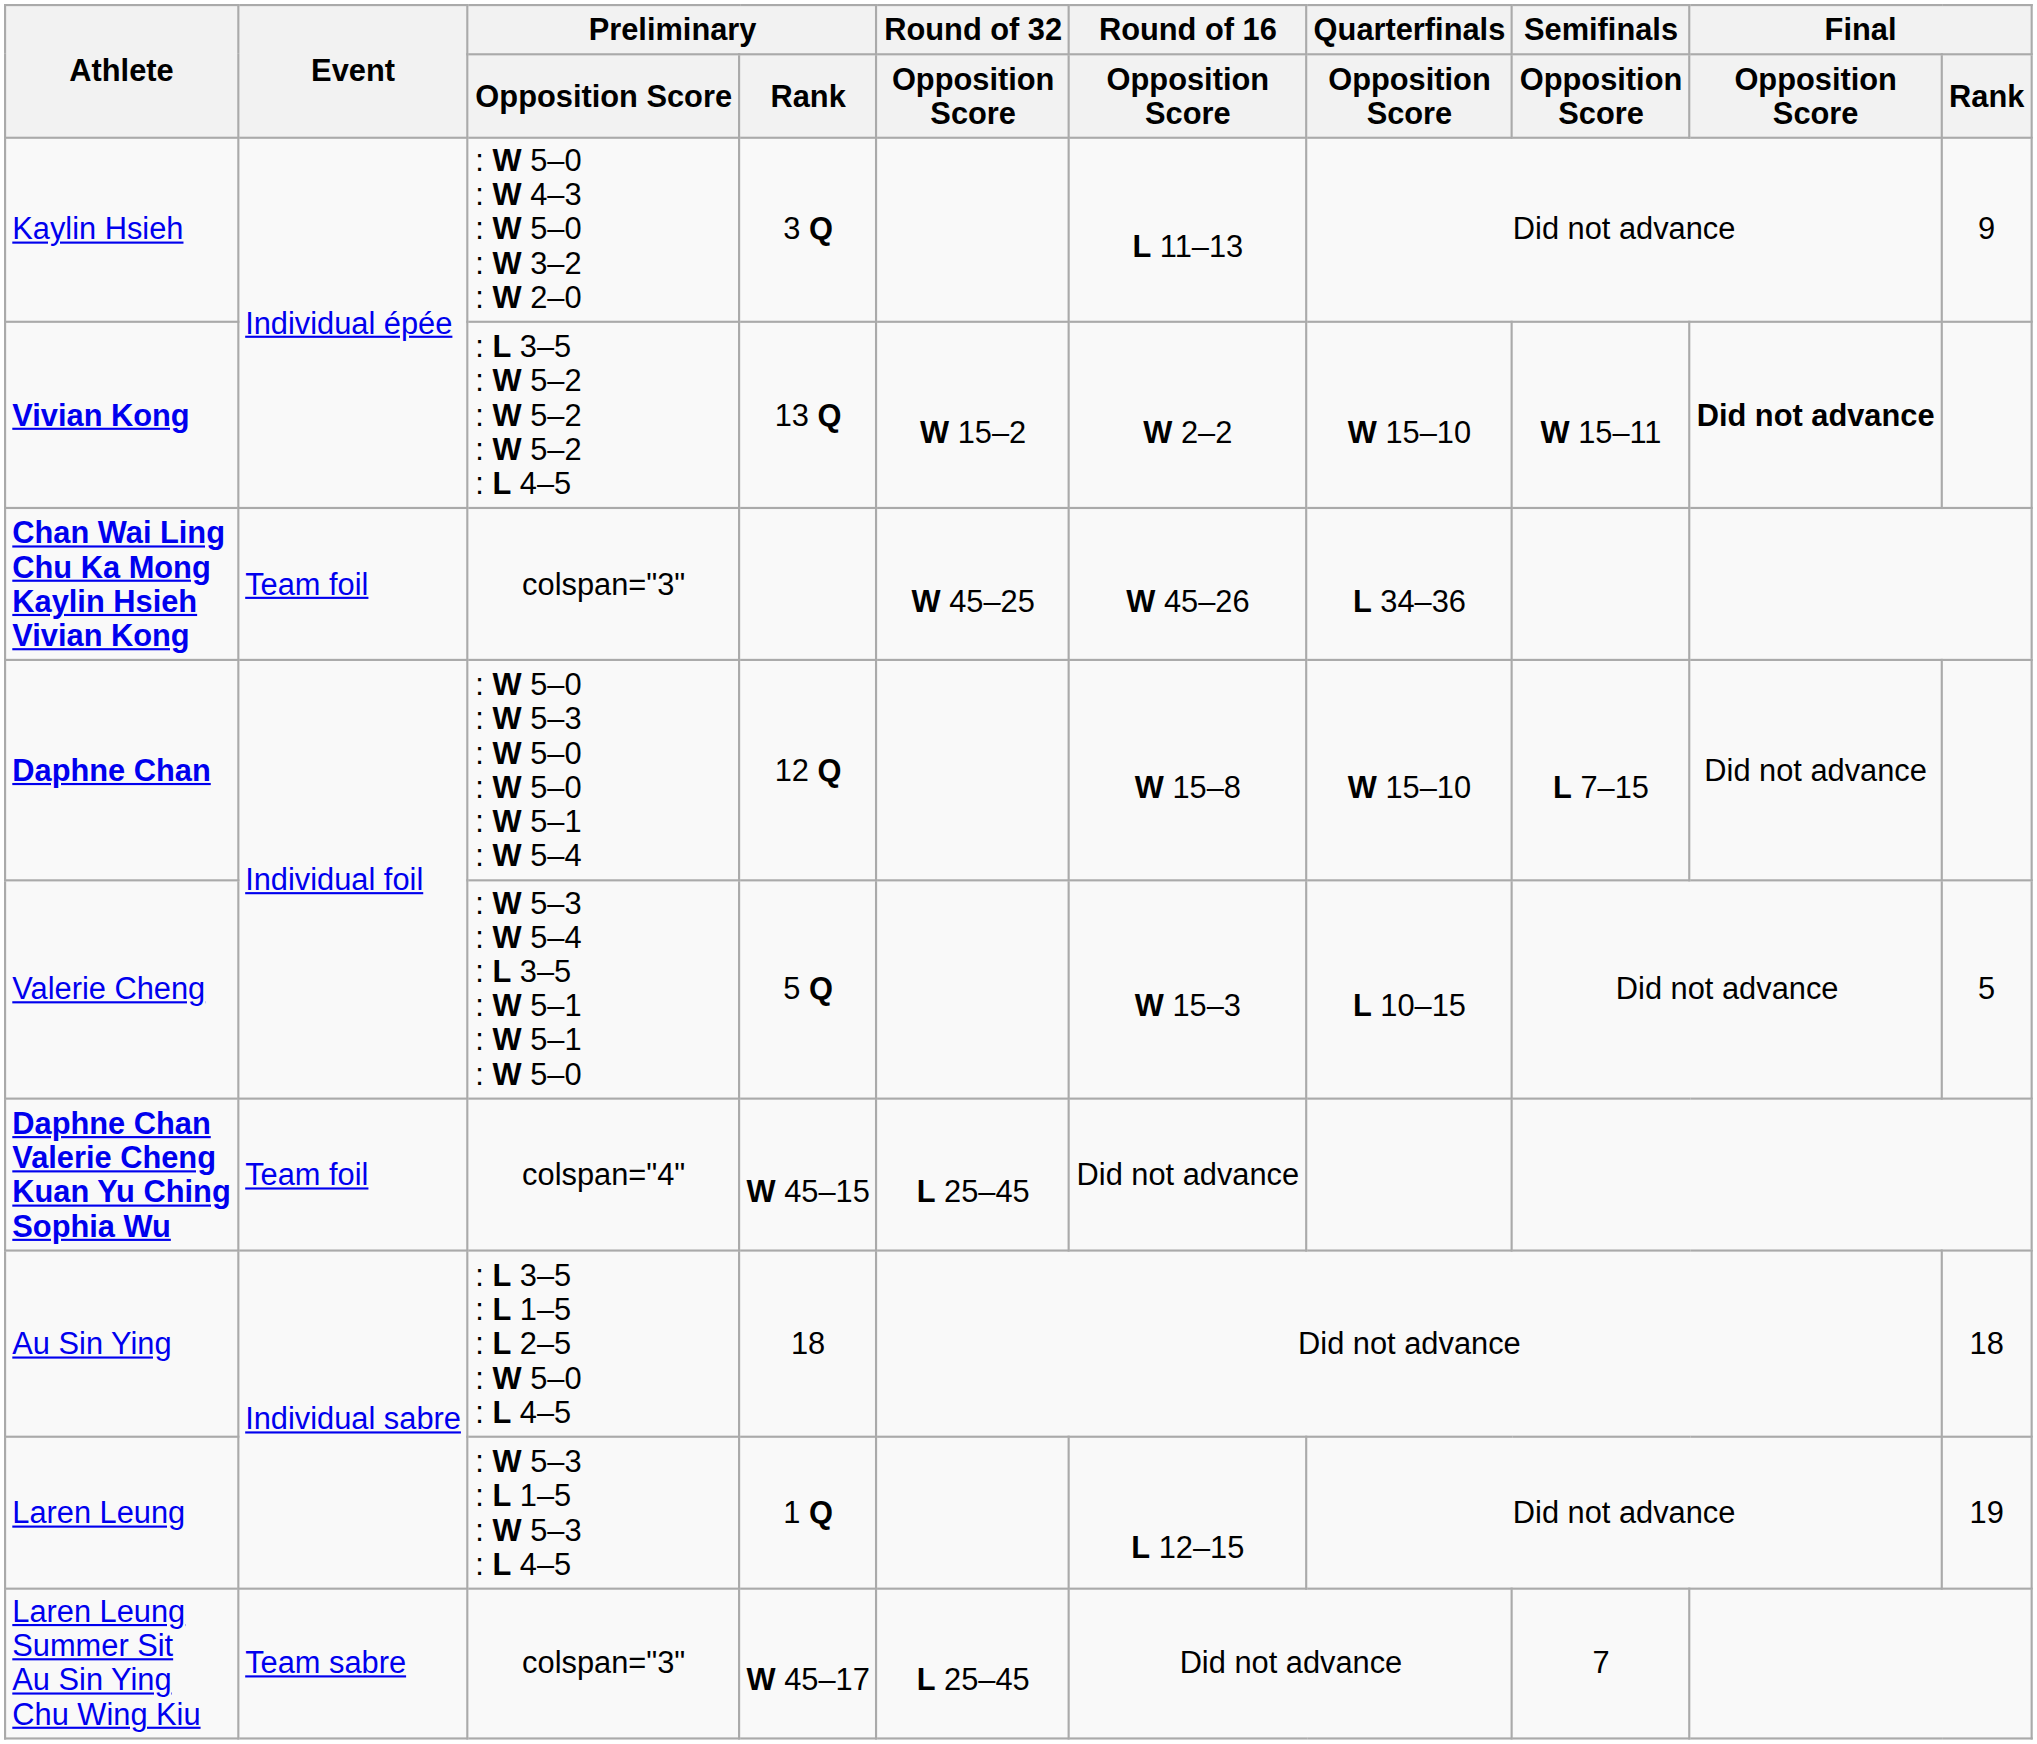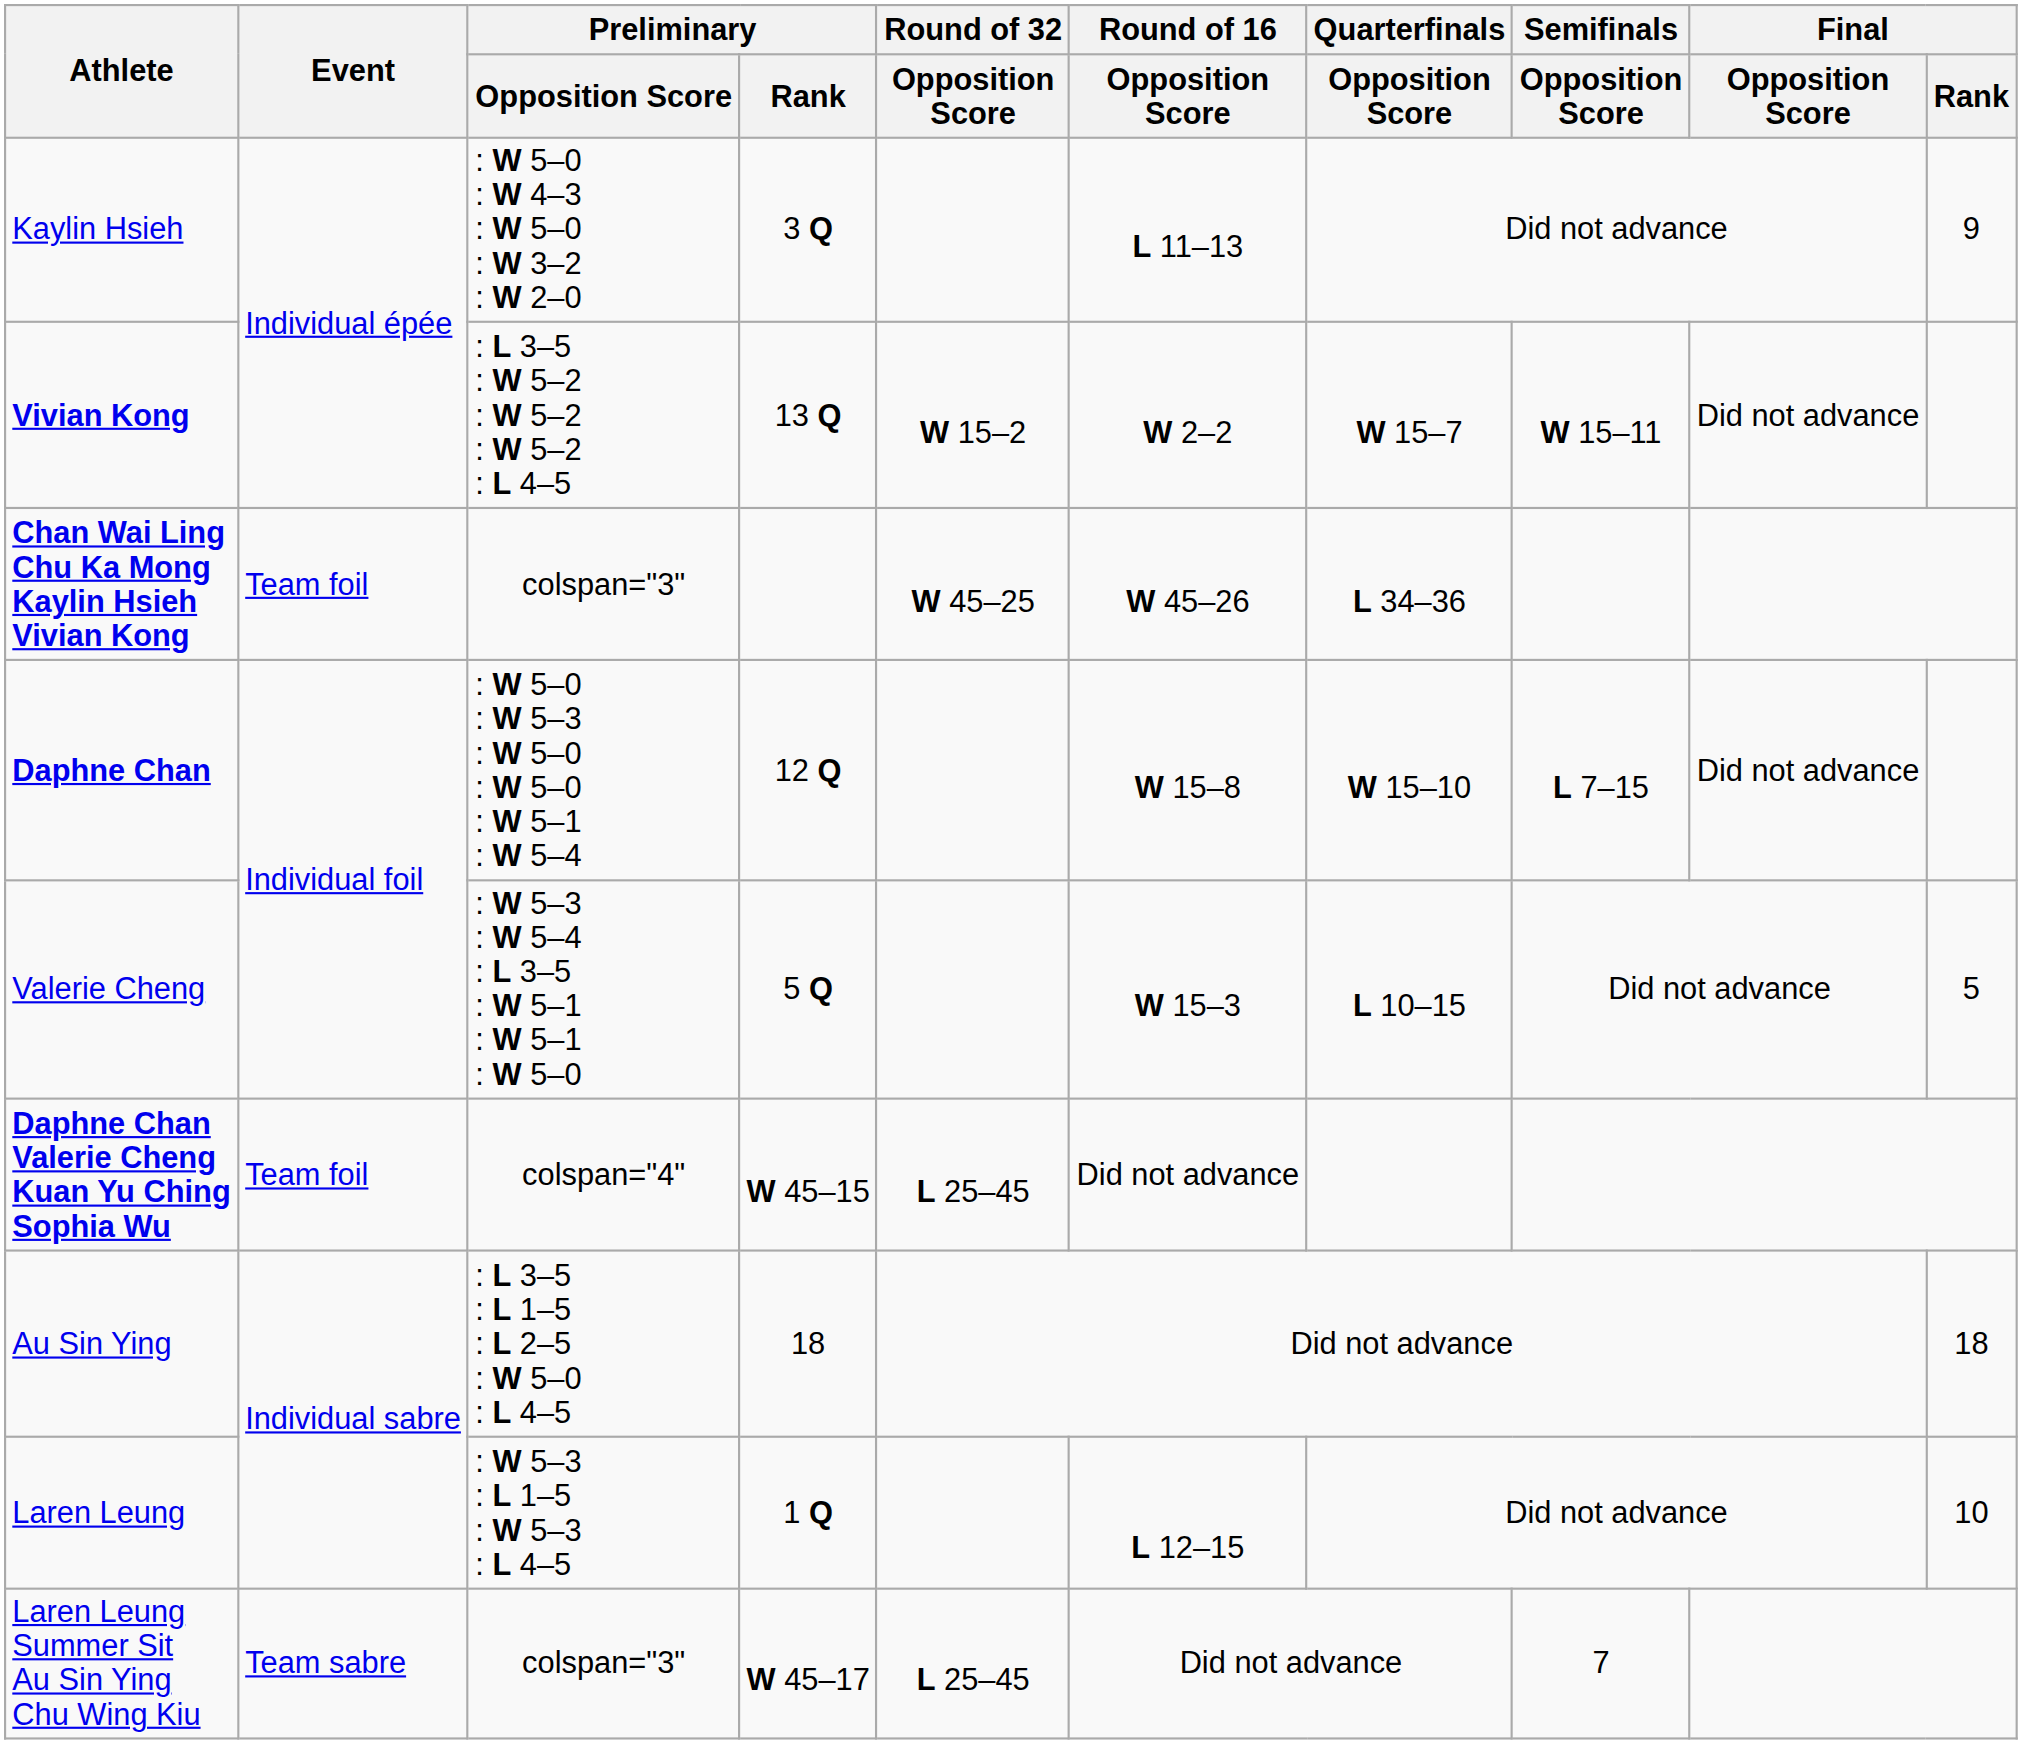 <table class=wikitable style=font-size:90%;text-align:center>
 <tr>
 <th rowspan="2">Athlete</th>
 <th rowspan="2">Event</th>
 <th colspan="2">Preliminary</th>
 <th>Round of 32</th>
 <th>Round of 16</th>
 <th>Quarterfinals</th>
 <th>Semifinals</th>
 <th colspan="2">Final</th>
 </tr>
 <tr>
 <th>Opposition Score</th>
 <th>Rank</th>
 <th>Opposition<br>Score</th>
 <th>Opposition<br>Score</th>
 <th>Opposition<br>Score</th>
 <th>Opposition<br>Score</th>
 <th>Opposition<br>Score</th>
 <th>Rank</th>
 </tr>
 <tr>
 <td align=left><a href='#'>Kaylin Hsieh</a></td>
 <td align=left rowspan="2"><a href='#'>Individual épée</a></td>
 <td align=left>: <strong>W</strong> 5–0<br>: <strong>W</strong> 4–3<br>: <strong>W</strong> 5–0<br>: <strong>W</strong> 3–2<br>: <strong>W</strong> 2–0</td>
 <td>3 <strong>Q</strong></td>
 <td></td>
 <td><br><strong>L</strong> 11–13</td>
 <td colspan="3">Did not advance</td>
 <td>9</td>
 </tr>
 <tr>
 <td align=left><strong><a href='#'>Vivian Kong</a></strong></td>
 <td align=left>: <strong>L</strong> 3–5<br>: <strong>W</strong> 5–2<br>: <strong>W</strong> 5–2<br>: <strong>W</strong> 5–2<br>: <strong>L</strong> 4–5</td>
 <td>13 <strong>Q</strong></td>
 <td><br><strong>W</strong> 15–2</td>
 <td><br><strong>W</strong> 2–2</td>
-<td><br><strong>W</strong> 15–10</td>
+<td><br><strong>W</strong> 15–7</td>
 <td><br><strong>W</strong> 15–11</td>
-<td><strong>Did not advance</strong></td>
+<td>Did not advance</td>
 <td></td>
 </tr>
 <tr>
 <td align=left><strong><a href='#'>Chan Wai Ling</a><br><a href='#'>Chu Ka Mong</a><br><a href='#'>Kaylin Hsieh</a><br><a href='#'>Vivian Kong</a></strong></td>
 <td align=left><a href='#'>Team foil</a></td>
 <td>colspan="3" </td>
 <td></td>
 <td><br><strong>W</strong> 45–25</td>
 <td><br><strong>W</strong> 45–26</td>
 <td><br><strong>L</strong> 34–36</td>
 <td></td>
 </tr>
 <tr>
 <td align=left><strong><a href='#'>Daphne Chan</a></strong></td>
 <td align=left rowspan="2"><a href='#'>Individual foil</a></td>
 <td align=left>: <strong>W</strong> 5–0<br>: <strong>W</strong> 5–3<br>: <strong>W</strong> 5–0<br>: <strong>W</strong> 5–0<br>: <strong>W</strong> 5–1<br>: <strong>W</strong> 5–4</td>
 <td>12 <strong>Q</strong></td>
 <td></td>
 <td><br><strong>W</strong> 15–8</td>
 <td><br><strong>W</strong> 15–10</td>
 <td><br><strong>L</strong> 7–15</td>
 <td>Did not advance</td>
 <td></td>
 </tr>
 <tr>
 <td align=left><a href='#'>Valerie Cheng</a></td>
 <td align=left>: <strong>W</strong> 5–3<br>: <strong>W</strong> 5–4<br>: <strong>L</strong> 3–5<br>: <strong>W</strong> 5–1<br>: <strong>W</strong> 5–1<br>: <strong>W</strong> 5–0</td>
 <td>5 <strong>Q</strong></td>
 <td></td>
 <td><br><strong>W</strong> 15–3</td>
 <td><br><strong>L</strong> 10–15</td>
 <td colspan="2">Did not advance</td>
 <td>5</td>
 </tr>
 <tr>
 <td align=left><strong><a href='#'>Daphne Chan</a><br><a href='#'>Valerie Cheng</a><br><a href='#'>Kuan Yu Ching</a><br><a href='#'>Sophia Wu</a></strong></td>
 <td align=left><a href='#'>Team foil</a></td>
 <td>colspan="4" </td>
 <td><br><strong>W</strong> 45–15</td>
 <td><br><strong>L</strong> 25–45</td>
 <td>Did not advance</td>
 <td></td>
 </tr>
 <tr>
 <td align=left><a href='#'>Au Sin Ying</a></td>
 <td align=left rowspan="2"><a href='#'>Individual sabre</a></td>
 <td align=left>: <strong>L</strong> 3–5<br>: <strong>L</strong> 1–5<br>: <strong>L</strong> 2–5<br>: <strong>W</strong> 5–0<br>: <strong>L</strong> 4–5</td>
 <td>18</td>
 <td colspan="5">Did not advance</td>
 <td>18</td>
 </tr>
 <tr>
 <td align=left><a href='#'>Laren Leung</a></td>
 <td align=left>: <strong>W</strong> 5–3<br>: <strong>L</strong> 1–5<br>: <strong>W</strong> 5–3<br>: <strong>L</strong> 4–5</td>
 <td>1 <strong>Q</strong></td>
 <td></td>
 <td><br><br><strong>L</strong> 12–15</td>
 <td colspan="3">Did not advance</td>
-<td>19</td>
+<td>10</td>
 </tr>
 <tr>
 <td align=left><a href='#'>Laren Leung</a><br><a href='#'>Summer Sit</a><br><a href='#'>Au Sin Ying</a> <br><a href='#'>Chu Wing Kiu</a></td>
 <td align=left><a href='#'>Team sabre</a></td>
 <td>colspan="3" </td>
 <td><br><strong>W</strong> 45–17</td>
 <td><br><strong>L</strong> 25–45</td>
 <td colspan="2">Did not advance</td>
 <td>7</td>
 </tr>
 </table>
